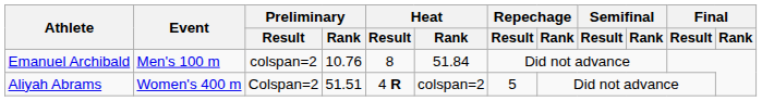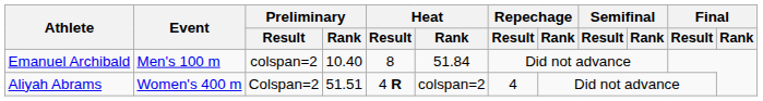 <table class="wikitable" style="font-size:90%">
 <tr>
 <th rowspan="2">Athlete</th>
 <th rowspan="2">Event</th>
 <th colspan="2">Preliminary</th>
 <th colspan="2">Heat</th>
 <th colspan="2">Repechage</th>
 <th colspan="2">Semifinal</th>
 <th colspan="2">Final</th>
 </tr>
 <tr style="font-size:95%">
 <th>Result</th>
 <th>Rank</th>
 <th>Result</th>
 <th>Rank</th>
 <th>Result</th>
 <th>Rank</th>
 <th>Result</th>
 <th>Rank</th>
 <th>Result</th>
 <th>Rank</th>
 </tr>
 <tr align=center>
 <td align=left><a href='#'>Emanuel Archibald</a></td>
 <td align=left><a href='#'>Men's 100 m</a></td>
 <td>colspan=2 </td>
-<td>10.76</td>
+<td>10.40</td>
 <td>8</td>
 <td>51.84</td>
 <td colspan=4>Did not advance</td>
 </tr>
 <tr align=center>
 <td align=left><a href='#'>Aliyah Abrams</a></td>
 <td align=left><a href='#'>Women's 400 m</a></td>
 <td>Colspan=2</td>
 <td>51.51 <strong></strong></td>
 <td>4 <strong>R</strong></td>
 <td>colspan=2 </td>
-<td>5</td>
+<td>4</td>
 <td colspan=4>Did not advance</td>
 </tr>
 </table>
